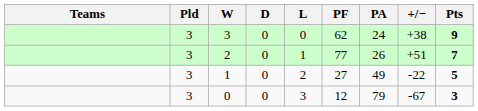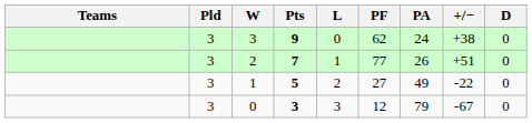 <table class="wikitable" style="text-align: center;">
 <tr>
 <th width="200">Teams</th>
 <th width="40">Pld</th>
 <th width="40">W</th>
-<th width="40">D</th>
+<th width="40">Pts</th>
 <th width="40">L</th>
 <th width="40">PF</th>
 <th width="40">PA</th>
 <th width="40">+/−</th>
-<th width="40">Pts</th>
+<th width="40">D</th>
 </tr>
 <tr style=background:#cfc>
 <td align=left></td>
 <td>3</td>
 <td>3</td>
-<td>0</td>
+<td><strong>9</strong></td>
 <td>0</td>
 <td>62</td>
 <td>24</td>
 <td>+38</td>
-<td><strong>9</strong></td>
+<td>0</td>
 </tr>
 <tr style=background:#cfc>
 <td align=left></td>
 <td>3</td>
 <td>2</td>
-<td>0</td>
+<td><strong>7</strong></td>
 <td>1</td>
 <td>77</td>
 <td>26</td>
 <td>+51</td>
-<td><strong>7</strong></td>
+<td>0</td>
 </tr>
 <tr>
 <td align=left></td>
 <td>3</td>
 <td>1</td>
-<td>0</td>
+<td><strong>5</strong></td>
 <td>2</td>
 <td>27</td>
 <td>49</td>
 <td>-22</td>
-<td><strong>5</strong></td>
+<td>0</td>
 </tr>
 <tr>
 <td align=left></td>
 <td>3</td>
 <td>0</td>
-<td>0</td>
+<td><strong>3</strong></td>
 <td>3</td>
 <td>12</td>
 <td>79</td>
 <td>-67</td>
-<td><strong>3</strong></td>
+<td>0</td>
 </tr>
 </table>
